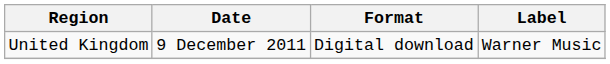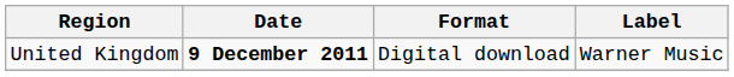 <table class=wikitable>
 <tr>
 <th>Region</th>
 <th>Date</th>
 <th>Format</th>
 <th>Label</th>
 </tr>
 <tr>
 <td>United Kingdom</td>
-<td>9 December 2011</td>
+<td><strong>9 December 2011</strong></td>
 <td>Digital download</td>
 <td>Warner Music</td>
 </tr>
 <tr>
 </tr>
 </table>
